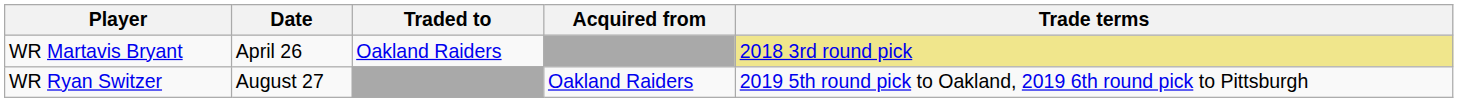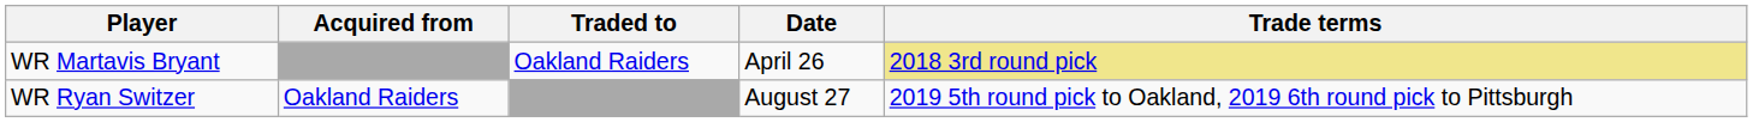 <table class="wikitable" style="width:75%">
 <tr style="text-align:center; background:#ddd">
 <th>Player</th>
+<th>Acquired from</th>
+<th>Traded to</th>
 <th>Date</th>
-<th>Traded to</th>
-<th>Acquired from</th>
 <th>Trade terms</th>
 </tr>
 <tr>
 <td><div>WR <a href='#'>Martavis Bryant</a></div></td>
+<td style="background:darkgray"></td>
+<td><div><a href='#'>Oakland Raiders</a></div></td>
 <td><div>April 26</div></td>
-<td><div><a href='#'>Oakland Raiders</a></div></td>
-<td style="background:darkgray"></td>
 <td style="background: khaki;"><div><a href='#'>2018 3rd round pick</a></div></td>
 </tr>
 <tr>
 <td><div>WR <a href='#'>Ryan Switzer</a></div></td>
+<td><div><a href='#'>Oakland Raiders</a></div></td>
+<td style="background:darkgray"></td>
 <td><div>August 27</div></td>
-<td style="background:darkgray"></td>
-<td><div><a href='#'>Oakland Raiders</a></div></td>
 <td><div><a href='#'>2019 5th round pick</a> to Oakland, <a href='#'>2019 6th round pick</a> to Pittsburgh</div></td>
 </tr>
 </table>
